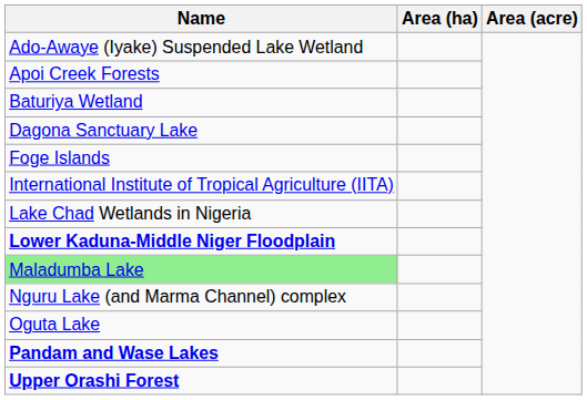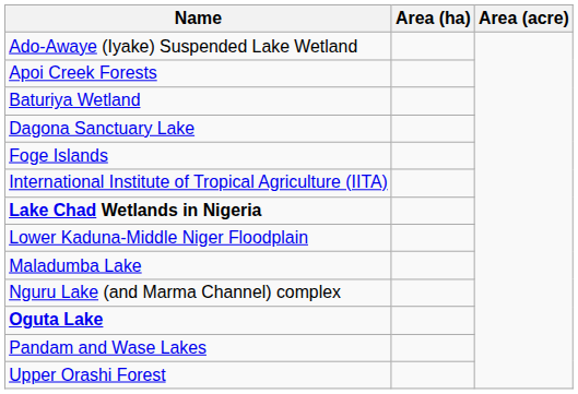 <table class="wikitable sortable">
 <tr>
 <th scope="col" align=left>Name</th>
 <th scope="col">Area (ha)</th>
 <th scope="col">Area (acre)</th>
 </tr>
 <tr ---->
 <td><a href='#'>Ado-Awaye</a> (Iyake) Suspended Lake Wetland</td>
 <td></td>
 </tr>
 <tr ---->
 <td><a href='#'>Apoi Creek Forests</a></td>
 <td></td>
 </tr>
 <tr ---->
 <td><a href='#'>Baturiya Wetland</a></td>
 <td></td>
 </tr>
 <tr ---->
 <td><a href='#'>Dagona Sanctuary Lake</a></td>
 <td></td>
 </tr>
 <tr ---->
 <td><a href='#'>Foge Islands</a></td>
 <td></td>
 </tr>
 <tr ---->
 <td><a href='#'>International Institute of Tropical Agriculture (IITA)</a></td>
 <td></td>
 </tr>
 <tr ---->
-<td><a href='#'>Lake Chad</a> Wetlands in Nigeria</td>
+<td><strong><a href='#'>Lake Chad</a> Wetlands in Nigeria</strong></td>
 <td></td>
 </tr>
 <tr ---->
-<td><strong><a href='#'>Lower Kaduna-Middle Niger Floodplain</a></strong></td>
+<td><a href='#'>Lower Kaduna-Middle Niger Floodplain</a></td>
 <td></td>
 </tr>
 <tr ---->
-<td style="background: lightgreen;"><a href='#'>Maladumba Lake</a></td>
+<td><a href='#'>Maladumba Lake</a></td>
 <td></td>
 </tr>
 <tr ---->
 <td><a href='#'>Nguru Lake</a> (and Marma Channel) complex</td>
 <td></td>
 </tr>
 <tr ---->
-<td><a href='#'>Oguta Lake</a></td>
+<td><strong><a href='#'>Oguta Lake</a></strong></td>
 <td></td>
 </tr>
 <tr ---->
-<td><strong><a href='#'>Pandam and Wase Lakes</a></strong></td>
+<td><a href='#'>Pandam and Wase Lakes</a></td>
 <td></td>
 </tr>
 <tr ---->
-<td><strong><a href='#'>Upper Orashi Forest</a></strong></td>
+<td><a href='#'>Upper Orashi Forest</a></td>
 <td></td>
 </tr>
 </table>
